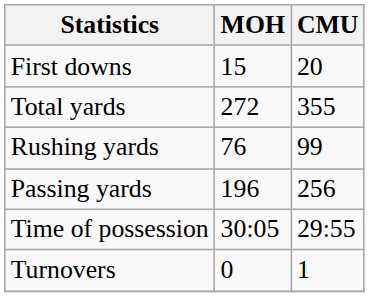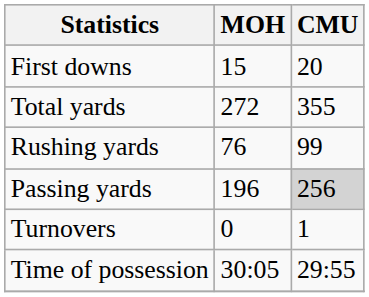 <table class="wikitable">
 <tr>
 <th>Statistics</th>
 <th>MOH</th>
 <th>CMU</th>
 </tr>
 <tr>
 <td>First downs</td>
 <td>15</td>
 <td>20</td>
 </tr>
 <tr>
 <td>Total yards</td>
 <td>272</td>
 <td>355</td>
 </tr>
 <tr>
 <td>Rushing yards</td>
 <td>76</td>
 <td>99</td>
 </tr>
 <tr>
 <td>Passing yards</td>
 <td>196</td>
-<td>256</td>
+<td style="background: lightgrey;">256</td>
+</tr>
+<tr>
+<td>Turnovers</td>
+<td>0</td>
+<td>1</td>
 </tr>
 <tr>
 <td>Time of possession</td>
 <td>30:05</td>
 <td>29:55</td>
 </tr>
 <tr>
-<td>Turnovers</td>
-<td>0</td>
-<td>1</td>
-</tr>
-<tr>
 </tr>
 </table>
